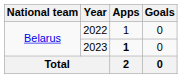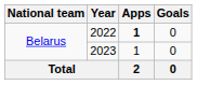 <table class=wikitable style=text-align:center>
 <tr>
 <th>National team</th>
 <th>Year</th>
 <th>Apps</th>
 <th>Goals</th>
 </tr>
 <tr>
 <td rowspan="2"><a href='#'>Belarus</a></td>
 <td>2022</td>
-<td>1</td>
+<td><strong>1</strong></td>
 <td>0</td>
 </tr>
 <tr>
 <td>2023</td>
-<td><strong>1</strong></td>
+<td>1</td>
 <td>0</td>
 </tr>
 <tr>
 <th colspan=2>Total</th>
 <th>2</th>
 <th>0</th>
 </tr>
 </table>
